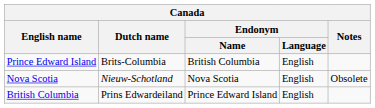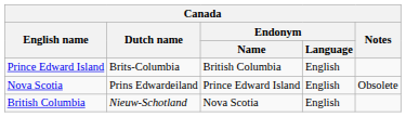 <table class="wikitable sortable">
 <tr>
 <th colspan="5"> Canada</th>
 </tr>
 <tr>
 <th rowspan="2">English name</th>
 <th rowspan="2">Dutch name</th>
 <th colspan="2">Endonym</th>
 <th rowspan="2">Notes</th>
 </tr>
 <tr>
 <th>Name</th>
 <th>Language</th>
 </tr>
 <tr>
 <td><a href='#'>Prince Edward Island</a></td>
 <td>Brits-Columbia</td>
 <td>British Columbia</td>
 <td>English</td>
 <td></td>
 </tr>
 <tr>
 <td><a href='#'>Nova Scotia</a></td>
-<td><em>Nieuw-Schotland</em></td>
-<td>Nova Scotia</td>
+<td>Prins Edwardeiland</td>
+<td>Prince Edward Island</td>
 <td>English</td>
 <td>Obsolete</td>
 </tr>
 <tr>
 <td><a href='#'>British Columbia</a></td>
-<td>Prins Edwardeiland</td>
-<td>Prince Edward Island</td>
+<td><em>Nieuw-Schotland</em></td>
+<td>Nova Scotia</td>
 <td>English</td>
 <td></td>
 </tr>
 </table>
